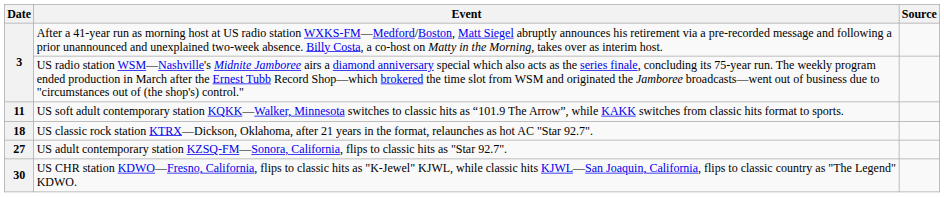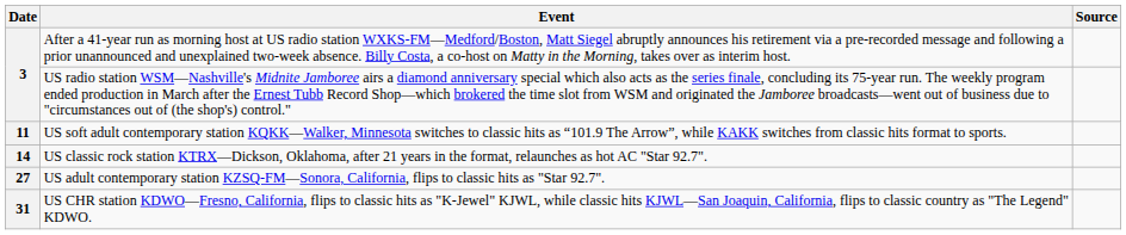 <table class="wikitable">
 <tr>
 <th>Date</th>
 <th>Event</th>
 <th>Source</th>
 </tr>
 <tr>
 <th rowspan="2">3</th>
 <td>After a 41-year run as morning host at US radio station <a href='#'>WXKS-FM</a>—<a href='#'>Medford</a>/<a href='#'>Boston</a>, <a href='#'>Matt Siegel</a> abruptly announces his retirement via a pre-recorded message and following a prior unannounced and unexplained two-week absence. <a href='#'>Billy Costa</a>, a co-host on <em>Matty in the Morning</em>, takes over as interim host.</td>
 <td></td>
 </tr>
 <tr>
 <td>US radio station <a href='#'>WSM</a>—<a href='#'>Nashville</a>'s <em><a href='#'>Midnite Jamboree</a></em> airs a <a href='#'>diamond anniversary</a> special which also acts as the <a href='#'>series finale</a>, concluding its 75-year run. The weekly program ended production in March after the <a href='#'>Ernest Tubb</a> Record Shop—which <a href='#'>brokered</a> the time slot from WSM and originated the <em>Jamboree</em> broadcasts—went out of business due to "circumstances out of (the shop's) control."</td>
 <td></td>
 </tr>
 <tr>
 <th>11</th>
 <td>US soft adult contemporary station <a href='#'>KQKK</a>—<a href='#'>Walker, Minnesota</a> switches to classic hits as “101.9 The Arrow”, while <a href='#'>KAKK</a> switches from classic hits format to sports.</td>
 <td></td>
 </tr>
 <tr>
-<th>18</th>
+<th>14</th>
 <td>US classic rock station <a href='#'>KTRX</a>—Dickson, Oklahoma, after 21 years in the format, relaunches as hot AC "Star 92.7".</td>
 <td></td>
 </tr>
 <tr>
 <th>27</th>
 <td>US adult contemporary station <a href='#'>KZSQ-FM</a>—<a href='#'>Sonora, California</a>, flips to classic hits as "Star 92.7".</td>
 <td></td>
 </tr>
 <tr>
-<th>30</th>
+<th>31</th>
 <td>US CHR station <a href='#'>KDWO</a>—<a href='#'>Fresno, California</a>, flips to classic hits as "K-Jewel" KJWL, while classic hits <a href='#'>KJWL</a>—<a href='#'>San Joaquin, California</a>, flips to classic country as "The Legend" KDWO.</td>
 <td></td>
 </tr>
 </table>
